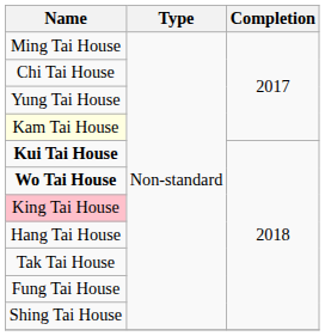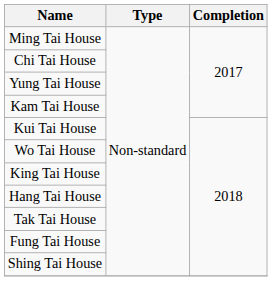 <table class="wikitable" style="text-align: center">
 <tr>
 <th>Name</th>
 <th>Type</th>
 <th>Completion</th>
 </tr>
 <tr>
 <td>Ming Tai House</td>
 <td rowspan="11">Non-standard</td>
 <td rowspan="4">2017</td>
 </tr>
 <tr>
 <td>Chi Tai House</td>
 </tr>
 <tr>
 <td>Yung Tai House</td>
 </tr>
 <tr>
-<td style="background: lightyellow;">Kam Tai House</td>
+<td>Kam Tai House</td>
 </tr>
 <tr>
-<td><strong>Kui Tai House</strong></td>
+<td>Kui Tai House</td>
 <td rowspan="7">2018</td>
 </tr>
 <tr>
-<td><strong>Wo Tai House</strong></td>
+<td>Wo Tai House</td>
 </tr>
 <tr>
-<td style="background: pink;">King Tai House</td>
+<td>King Tai House</td>
 </tr>
 <tr>
 <td>Hang Tai House</td>
 </tr>
 <tr>
 <td>Tak Tai House</td>
 </tr>
 <tr>
 <td>Fung Tai House</td>
 </tr>
 <tr>
 <td>Shing Tai House</td>
 </tr>
 <tr>
 </tr>
 </table>
